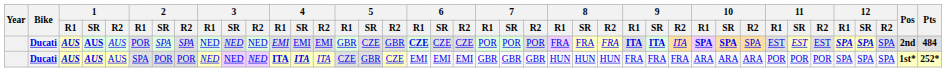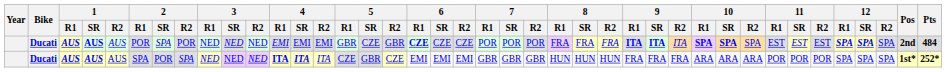 <table class="wikitable" style="text-align:center; font-size:90%;">
 <tr>
 <th rowspan="2">Year</th>
 <th rowspan="2">Bike</th>
 <th colspan="3">1</th>
 <th colspan="3">2</th>
 <th colspan="3">3</th>
 <th colspan="3">4</th>
 <th colspan="3">5</th>
 <th colspan="3">6</th>
 <th colspan="3">7</th>
 <th colspan="3">8</th>
 <th colspan="3">9</th>
 <th colspan="3">10</th>
 <th colspan="3">11</th>
 <th colspan="3">12</th>
 <th rowspan="2">Pos</th>
 <th rowspan="2">Pts</th>
 </tr>
 <tr>
 <th>R1</th>
 <th>SR</th>
 <th>R2</th>
 <th>R1</th>
 <th>SR</th>
 <th>R2</th>
 <th>R1</th>
 <th>SR</th>
 <th>R2</th>
 <th>R1</th>
 <th>SR</th>
 <th>R2</th>
 <th>R1</th>
 <th>SR</th>
 <th>R2</th>
 <th>R1</th>
 <th>SR</th>
 <th>R2</th>
 <th>R1</th>
 <th>SR</th>
 <th>R2</th>
 <th>R1</th>
 <th>SR</th>
 <th>R2</th>
 <th>R1</th>
 <th>SR</th>
 <th>R2</th>
 <th>R1</th>
 <th>SR</th>
 <th>R2</th>
 <th>R1</th>
 <th>SR</th>
 <th>R2</th>
 <th>R1</th>
 <th>SR</th>
 <th>R2</th>
 </tr>
 <tr>
 <th></th>
 <th><a href='#'>Ducati</a></th>
 <td style="background:#FFFFBF;"><strong><em><a href='#'>AUS</a></em></strong><br></td>
 <td style="background:#DFFFDF;"><strong><a href='#'>AUS</a></strong><br></td>
 <td style="background:#DFFFDF;"><em><a href='#'>AUS</a></em><br></td>
 <td style="background:#DFDFDF;"><a href='#'>POR</a><br></td>
 <td style="background:#DFFFDF;"><em><a href='#'>SPA</a></em><br></td>
-<td style="background:#DFDFDF;"><em><a href='#'>SPA</a></em><br></td>
+<td style="background:#DFDFDF;"><a href='#'>POR</a><br></td>
 <td style="background:#DFFFDF;"><a href='#'>NED</a><br></td>
 <td style="background:#DFDFDF;"><em><a href='#'>NED</a></em><br></td>
 <td style="background:#DFFFDF;"><a href='#'>NED</a><br></td>
 <td style="background:#DFDFDF;"><em><a href='#'>EMI</a></em><br></td>
 <td style="background:#DFDFDF;"><a href='#'>EMI</a><br></td>
 <td style="background:#DFDFDF;"><a href='#'>EMI</a><br></td>
 <td style="background:#DFFFDF;"><a href='#'>GBR</a><br></td>
 <td style="background:#DFDFDF;"><a href='#'>CZE</a><br></td>
 <td style="background:#DFDFDF;"><a href='#'>GBR</a><br></td>
 <td style="background:#DFFFDF;"><strong><a href='#'>CZE</a><br></strong></td>
 <td style="background:#DFDFDF;"><a href='#'>CZE</a><br></td>
 <td style="background:#DFDFDF;"><a href='#'>CZE</a><br></td>
 <td style="background:#DFFFDF;"><a href='#'>POR</a><br></td>
 <td style="background:#DFFFDF;"><a href='#'>POR</a><br></td>
 <td style="background:#DFDFDF;"><a href='#'>POR</a><br></td>
 <td style="background:#EFCFFF;"><a href='#'>FRA</a><br></td>
 <td style="background:#FFFFBF;"><a href='#'>FRA</a><br></td>
 <td style="background:#FFFFBF;"><em><a href='#'>FRA</a></em><br></td>
 <td style="background:#DFDFDF;"><strong><a href='#'>ITA</a></strong><br></td>
 <td style="background:#DFFFDF;"><strong><a href='#'>ITA</a></strong><br></td>
 <td style="background:#FFDF9F;"><em><a href='#'>ITA</a></em><br></td>
 <td style="background:#EFCFFF;"><strong><a href='#'>SPA</a></strong><br></td>
 <td style="background:#FFDF9F;"><strong><a href='#'>SPA</a></strong><br></td>
 <td style="background:#FFDF9F;"><a href='#'>SPA</a><br></td>
 <td style="background:#DFDFDF;"><a href='#'>EST</a><br></td>
 <td style="background:#FFFFBF;"><em><a href='#'>EST</a></em><br></td>
 <td style="background:#DFDFDF;"><a href='#'>EST</a><br></td>
 <td style="background:#FFFFBF;"><strong><em><a href='#'>SPA</a></em></strong><br></td>
 <td style="background:#FFFFBF;"><strong><em><a href='#'>SPA</a></em></strong><br></td>
 <td style="background:#DFDFDF;"><a href='#'>SPA</a><br></td>
 <th style="background:#DFDFDF;">2nd</th>
 <th style="background:#DFDFDF;">484</th>
 </tr>
 <tr>
 <th></th>
 <th><a href='#'>Ducati</a></th>
 <td style="background:#FFFFBF;"><strong><em><a href='#'>AUS</a></em></strong><br></td>
 <td style="background:#FFFFBF;"><strong><em><a href='#'>AUS</a></em></strong><br></td>
 <td style="background:#FFFFBF;"><a href='#'>AUS</a><br></td>
 <td style="background:#DFDFDF;"><a href='#'>SPA</a><br></td>
 <td style="background:#DFDFDF;"><a href='#'>POR</a><br></td>
-<td style="background:#DFDFDF;"><a href='#'>POR</a><br></td>
+<td style="background:#DFDFDF;"><em><a href='#'>SPA</a></em><br></td>
 <td style="background:#FFFFBF;"><em><a href='#'>NED</a></em><br></td>
 <td style="background:#EFCFFF;"><a href='#'>NED</a><br></td>
 <td style="background:#EFCFFF;"><em><a href='#'>NED</a></em><br></td>
 <td style="background:#FFFFBF;"><strong><a href='#'>ITA</a></strong><br></td>
 <td style="background:#FFFFBF;"><strong><em><a href='#'>ITA</a></em></strong><br></td>
 <td style="background:#FFFFBF;"><em><a href='#'>ITA</a></em><br></td>
 <td style="background:#DFDFDF;"><a href='#'>CZE</a><br></td>
 <td style="background:#DFDFDF;"><a href='#'>GBR</a><br></td>
 <td style="background:#FFFFBF;"><a href='#'>CZE</a><br></td>
 <td style="background:#;"><a href='#'>EMI</a><br></td>
 <td style="background:#;"><a href='#'>EMI</a><br></td>
 <td style="background:#;"><a href='#'>EMI</a><br></td>
 <td style="background:#;"><a href='#'>GBR</a><br></td>
 <td style="background:#;"><a href='#'>GBR</a><br></td>
 <td style="background:#;"><a href='#'>GBR</a><br></td>
 <td style="background:#;"><a href='#'>HUN</a><br></td>
 <td style="background:#;"><a href='#'>HUN</a><br></td>
 <td style="background:#;"><a href='#'>HUN</a><br></td>
 <td style="background:#;"><a href='#'>FRA</a><br></td>
 <td style="background:#;"><a href='#'>FRA</a><br></td>
 <td style="background:#;"><a href='#'>FRA</a><br></td>
 <td style="background:#;"><a href='#'>ARA</a><br></td>
 <td style="background:#;"><a href='#'>ARA</a><br></td>
 <td style="background:#;"><a href='#'>ARA</a><br></td>
 <td style="background:#;"><a href='#'>POR</a><br></td>
 <td style="background:#;"><a href='#'>POR</a><br></td>
 <td style="background:#;"><a href='#'>POR</a><br></td>
 <td style="background:#;"><a href='#'>SPA</a><br></td>
 <td style="background:#;"><a href='#'>SPA</a><br></td>
 <td style="background:#;"><a href='#'>SPA</a><br></td>
 <th style="background:#FFFFBF;">1st*</th>
 <th style="background:#FFFFBF;">252*</th>
 </tr>
 </table>
